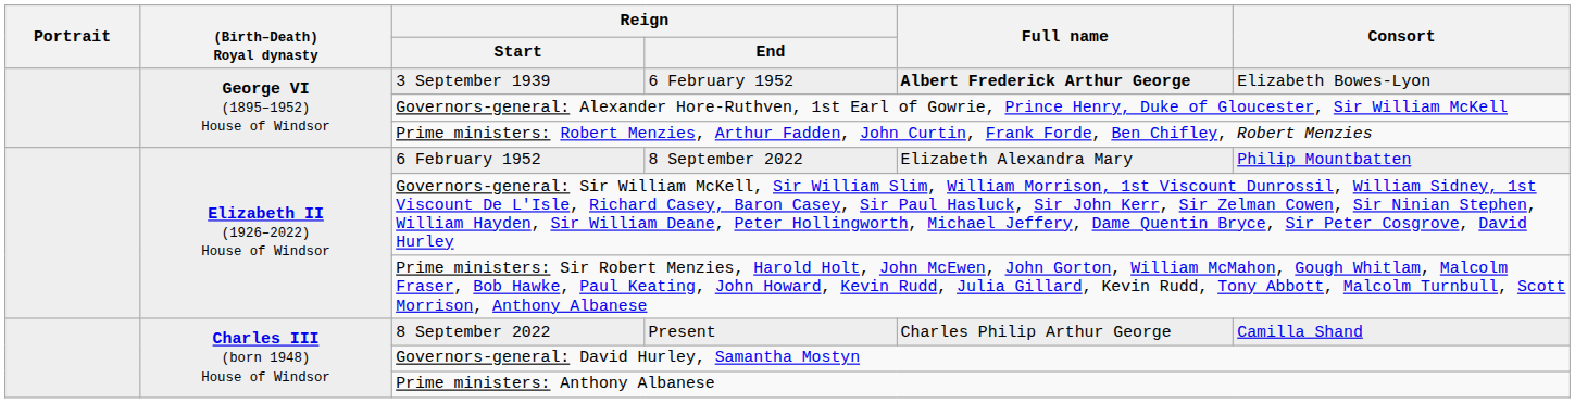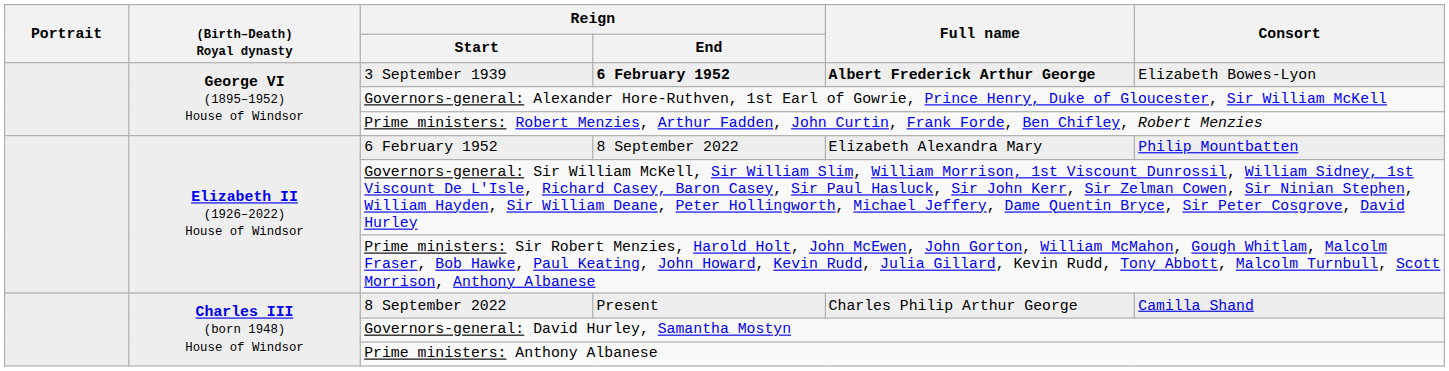 <table class="wikitable" style="width:100%;">
 <tr>
 <th rowspan="2" style="width:8%;">Portrait</th>
 <th rowspan="2" style="width:15%;"><br> <small>(Birth–Death)<br> Royal dynasty</small></th>
 <th style="width:30%;" colspan=2>Reign</th>
 <th rowspan="2" style="width:20%;">Full name</th>
 <th rowspan="2" style="width:20%;">Consort</th>
 </tr>
 <tr>
 <th>Start</th>
 <th>End</th>
 </tr>
 <tr style="background:#eee;">
 <td rowspan="3" align="center"></td>
 <td rowspan="3" align="center"><strong>George VI</strong><br><small>(1895–1952)<br>House of Windsor</small></td>
 <td>3 September 1939</td>
-<td>6 February 1952</td>
+<td><strong>6 February 1952</strong></td>
 <td><strong>Albert Frederick Arthur George</strong></td>
 <td>Elizabeth Bowes-Lyon</td>
 </tr>
 <tr>
 <td colspan="4"><u>Governors-general:</u> Alexander Hore-Ruthven, 1st Earl of Gowrie, <a href='#'>Prince Henry, Duke of Gloucester</a>, <a href='#'>Sir William McKell</a></td>
 </tr>
 <tr>
 <td colspan="4"><u>Prime ministers:</u> <a href='#'>Robert Menzies</a>, <a href='#'>Arthur Fadden</a>, <a href='#'>John Curtin</a>, <a href='#'>Frank Forde</a>, <a href='#'>Ben Chifley</a>, <em>Robert Menzies</em></td>
 </tr>
 <tr style="background:#eee;">
 <td rowspan=3 align="center"></td>
 <td rowspan=3 align="center"><strong><a href='#'>Elizabeth II</a></strong><br><small>(1926–2022)<br>House of Windsor</small></td>
 <td>6 February 1952</td>
 <td>8 September 2022</td>
 <td>Elizabeth Alexandra Mary</td>
 <td><a href='#'>Philip Mountbatten</a></td>
 </tr>
 <tr>
 <td colspan=4><u>Governors-general:</u> Sir William McKell, <a href='#'>Sir William Slim</a>, <a href='#'>William Morrison, 1st Viscount Dunrossil</a>, <a href='#'>William Sidney, 1st Viscount De L'Isle</a>, <a href='#'>Richard Casey, Baron Casey</a>, <a href='#'>Sir Paul Hasluck</a>, <a href='#'>Sir John Kerr</a>, <a href='#'>Sir Zelman Cowen</a>, <a href='#'>Sir Ninian Stephen</a>, <a href='#'>William Hayden</a>, <a href='#'>Sir William Deane</a>, <a href='#'>Peter Hollingworth</a>, <a href='#'>Michael Jeffery</a>, <a href='#'>Dame Quentin Bryce</a>, <a href='#'>Sir Peter Cosgrove</a>, <a href='#'>David Hurley</a></td>
 </tr>
 <tr>
 <td colspan=4><u>Prime ministers:</u> Sir Robert Menzies, <a href='#'>Harold Holt</a>, <a href='#'>John McEwen</a>, <a href='#'>John Gorton</a>, <a href='#'>William McMahon</a>, <a href='#'>Gough Whitlam</a>, <a href='#'>Malcolm Fraser</a>, <a href='#'>Bob Hawke</a>, <a href='#'>Paul Keating</a>, <a href='#'>John Howard</a>, <a href='#'>Kevin Rudd</a>, <a href='#'>Julia Gillard</a>, Kevin Rudd, <a href='#'>Tony Abbott</a>, <a href='#'>Malcolm Turnbull</a>, <a href='#'>Scott Morrison</a>, <a href='#'>Anthony Albanese</a></td>
 </tr>
 <tr style="background:#eee;">
 <td rowspan=3 align="center"></td>
 <td rowspan=3 align="center"><strong><a href='#'>Charles III</a></strong><br><small>(born 1948)<br>House of Windsor</small></td>
 <td>8 September 2022</td>
 <td>Present</td>
 <td>Charles Philip Arthur George</td>
 <td><a href='#'>Camilla Shand</a></td>
 </tr>
 <tr>
 <td colspan=4><u>Governors-general:</u> David Hurley, <a href='#'>Samantha Mostyn</a></td>
 </tr>
 <tr>
 <td colspan=4><u>Prime ministers:</u> Anthony Albanese</td>
 </tr>
 </table>
